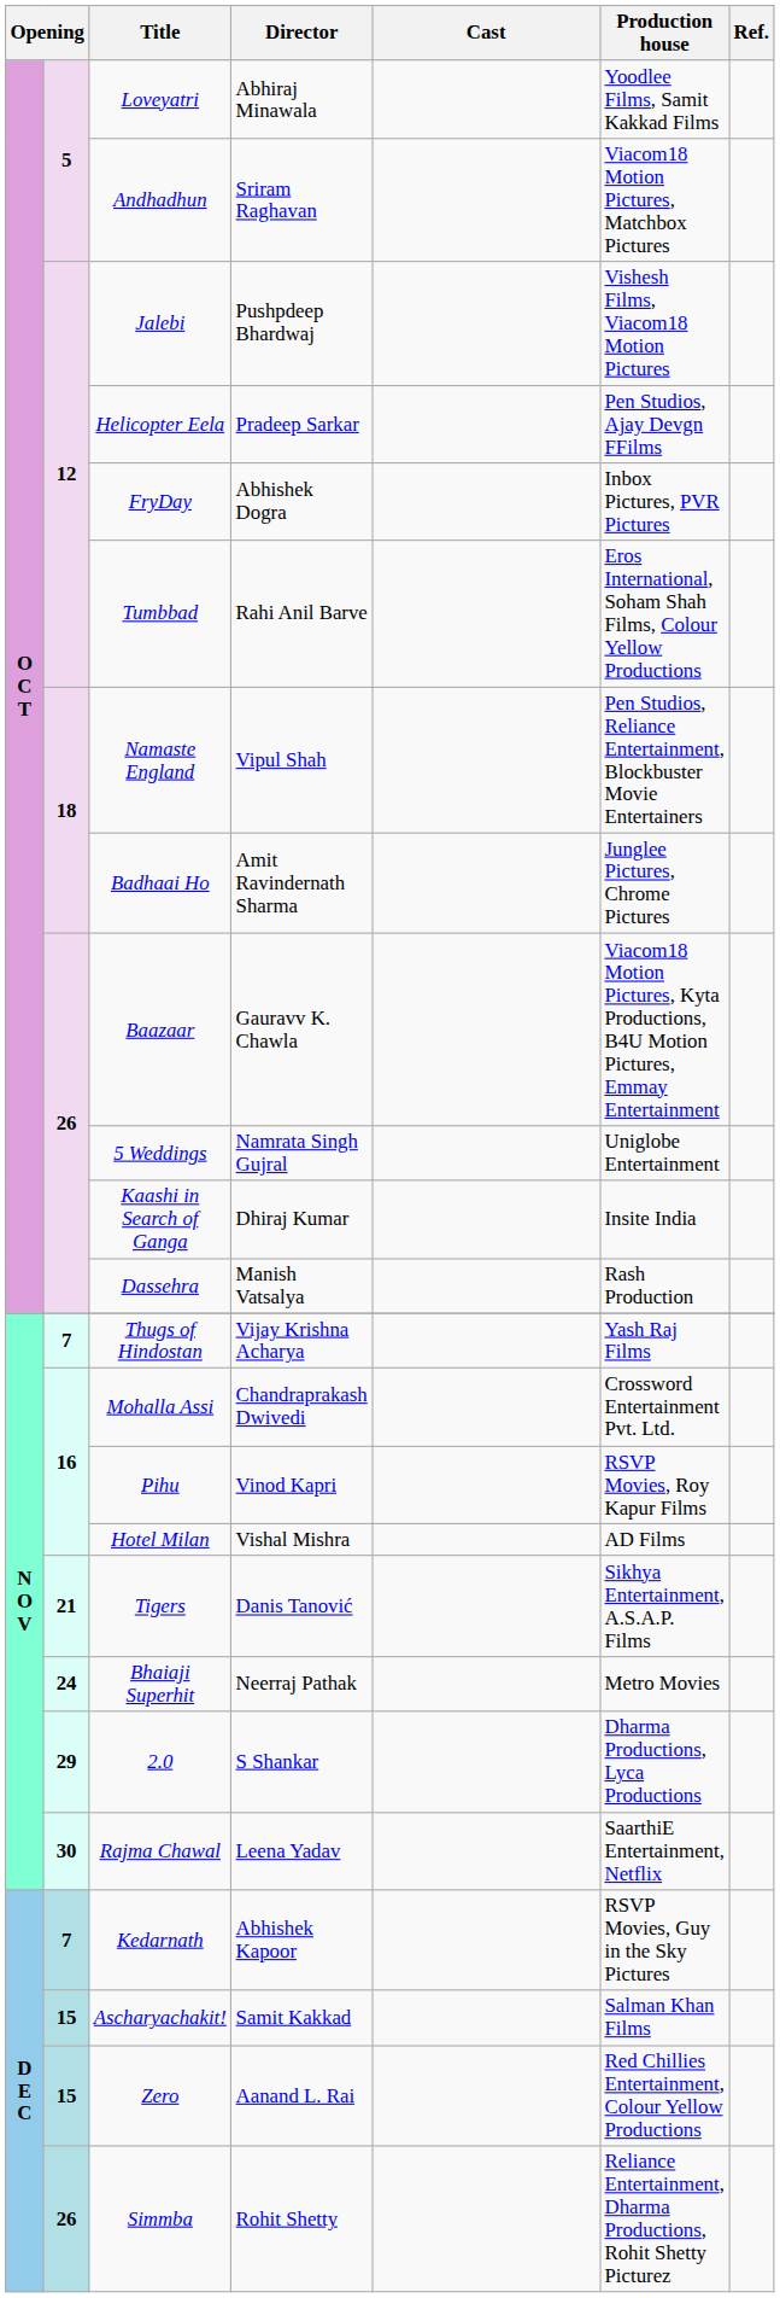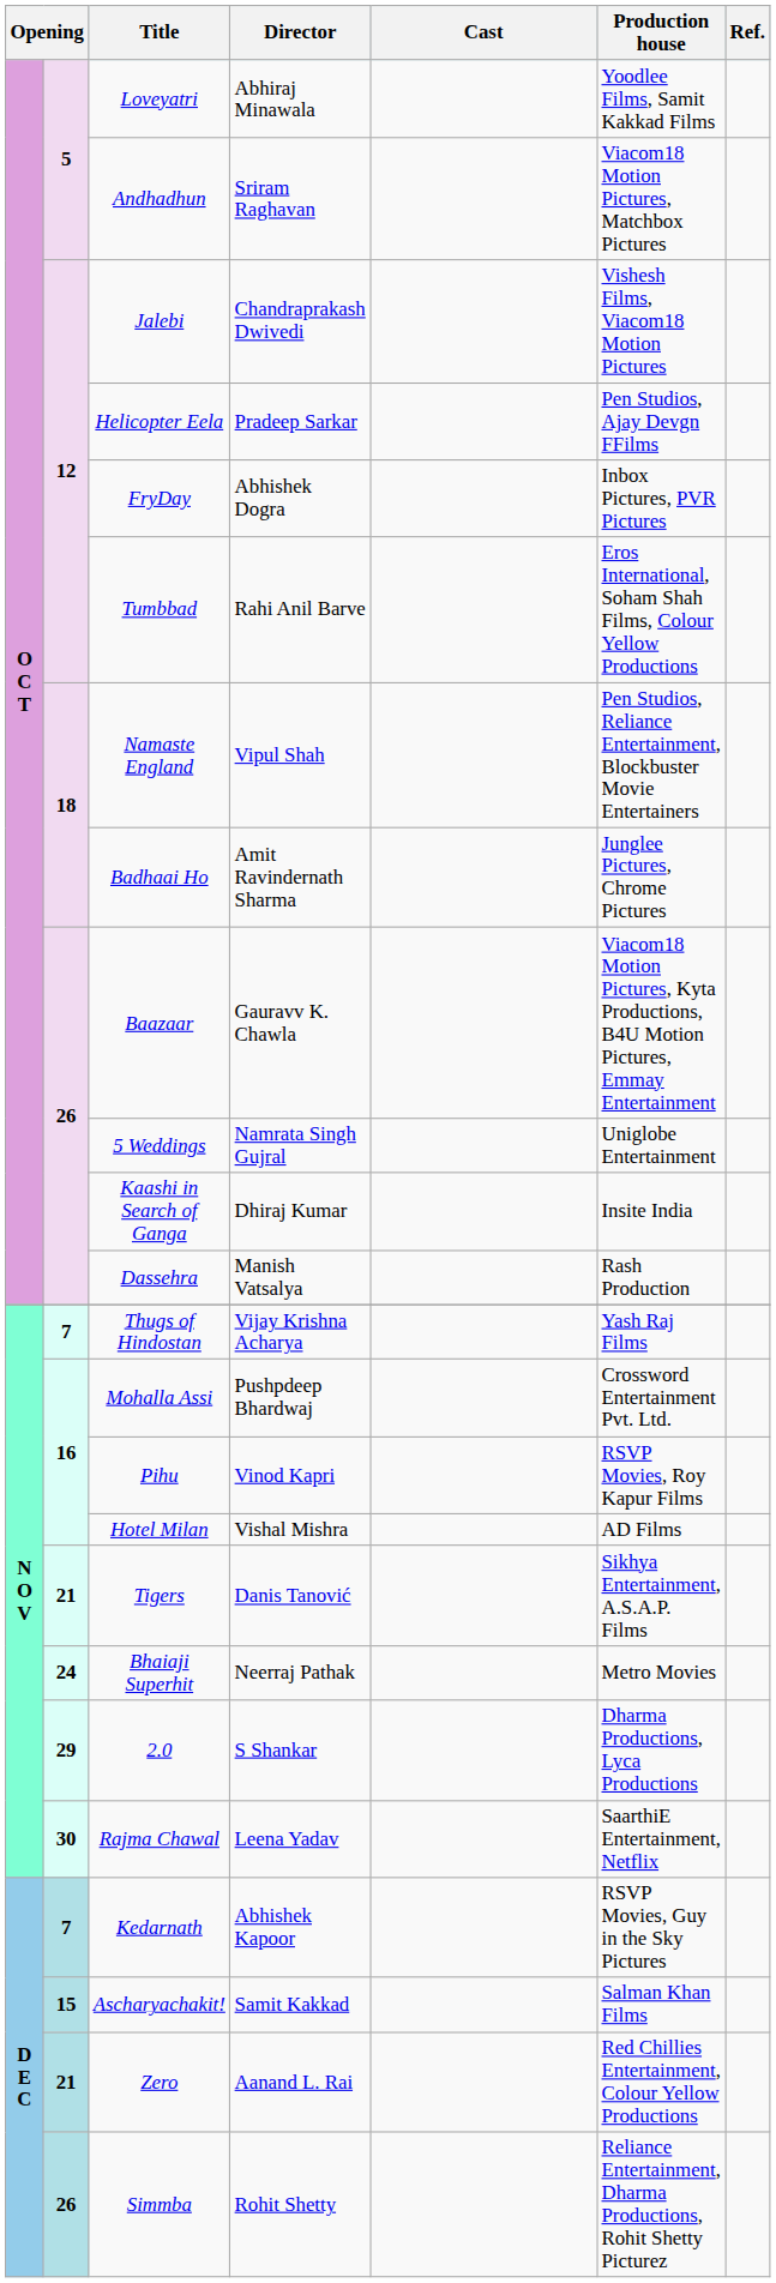 <table class="wikitable">
 <tr style="background:#b0e0e6; text-align:center;">
 <th colspan="2" style="width:6%;"><strong>Opening</strong></th>
 <th style="width:18%;"><strong>Title</strong></th>
 <th style="width:10.5%;"><strong>Director</strong></th>
 <th style="width:30%;"><strong>Cast</strong></th>
 <th>Production house</th>
 <th>Ref.</th>
 </tr>
 <tr>
 <td rowspan="12" style="text-align:center; background:plum; textcolor:#000;" !><strong>O<br>C<br>T</strong></td>
 <td rowspan="2" style="text-align:center; background:#f1daf1;"><strong>5</strong></td>
 <td style="text-align:center;"><em><a href='#'>Loveyatri</a></em></td>
 <td>Abhiraj Minawala</td>
 <td></td>
 <td><a href='#'>Yoodlee Films</a>, Samit Kakkad Films</td>
 <td><br></td>
 </tr>
 <tr>
 <td style="text-align:center;"><em><a href='#'>Andhadhun</a></em></td>
 <td><a href='#'>Sriram Raghavan</a></td>
 <td></td>
 <td><a href='#'>Viacom18 Motion Pictures</a>, Matchbox Pictures</td>
 <td></td>
 </tr>
 <tr>
 <td rowspan="4" style="text-align:center; background:#f1daf1;"><strong>12</strong></td>
 <td style="text-align:center;"><em><a href='#'>Jalebi</a></em></td>
-<td>Pushpdeep Bhardwaj</td>
+<td><a href='#'>Chandraprakash Dwivedi</a></td>
 <td></td>
 <td><a href='#'>Vishesh Films</a>, <a href='#'>Viacom18 Motion Pictures</a></td>
 <td></td>
 </tr>
 <tr>
 <td style="text-align:center;"><em><a href='#'>Helicopter Eela</a></em></td>
 <td><a href='#'>Pradeep Sarkar</a></td>
 <td></td>
 <td><a href='#'>Pen Studios</a>, <a href='#'>Ajay Devgn FFilms</a></td>
 <td></td>
 </tr>
 <tr>
 <td style="text-align:center;"><em><a href='#'>FryDay</a></em></td>
 <td>Abhishek Dogra</td>
 <td></td>
 <td>Inbox Pictures, <a href='#'>PVR Pictures</a></td>
 <td></td>
 </tr>
 <tr>
 <td style="text-align:center;"><em><a href='#'>Tumbbad</a></em></td>
 <td>Rahi Anil Barve</td>
 <td></td>
 <td><a href='#'>Eros International</a>, Soham Shah Films, <a href='#'>Colour Yellow Productions</a></td>
 <td></td>
 </tr>
 <tr>
 <td rowspan="2" style="text-align:center;background:#f1daf1;"><strong>18</strong></td>
 <td style="text-align:center;"><em><a href='#'>Namaste England</a></em></td>
 <td><a href='#'>Vipul Shah</a></td>
 <td></td>
 <td><a href='#'>Pen Studios</a>, <a href='#'>Reliance Entertainment</a>, Blockbuster Movie Entertainers</td>
 <td></td>
 </tr>
 <tr>
 <td style="text-align:center;"><em><a href='#'>Badhaai Ho</a></em></td>
 <td>Amit Ravindernath Sharma</td>
 <td></td>
 <td><a href='#'>Junglee Pictures</a>, Chrome Pictures</td>
 <td></td>
 </tr>
 <tr>
 <td rowspan="4" style="text-align:center; background:#f1daf1;"><strong>26</strong></td>
 <td style="text-align:center;"><em><a href='#'>Baazaar</a></em></td>
 <td>Gauravv K. Chawla</td>
 <td></td>
 <td><a href='#'>Viacom18 Motion Pictures</a>, Kyta Productions, B4U Motion Pictures, <a href='#'>Emmay Entertainment</a></td>
 <td></td>
 </tr>
 <tr>
 <td style="text-align:center;"><em><a href='#'>5 Weddings</a></em></td>
 <td><a href='#'>Namrata Singh Gujral</a></td>
 <td></td>
 <td>Uniglobe Entertainment</td>
 <td></td>
 </tr>
 <tr>
 <td style="text-align:center;"><em><a href='#'>Kaashi in Search of Ganga</a></em></td>
 <td>Dhiraj Kumar</td>
 <td></td>
 <td>Insite India</td>
 <td></td>
 </tr>
 <tr>
 <td style="text-align:center;"><em><a href='#'>Dassehra</a></em></td>
 <td>Manish Vatsalya</td>
 <td></td>
 <td>Rash Production</td>
 <td></td>
 </tr>
 <tr>
 </tr>
 <tr>
 <td rowspan="8" style="text-align:center; background:#7FFFD4; textcolor:#000;" !><strong>N<br>O<br>V</strong></td>
 <td style="text-align:center;background:#dbfff8;"><strong>7</strong></td>
 <td style="text-align:center;"><em><a href='#'>Thugs of Hindostan</a></em></td>
 <td><a href='#'>Vijay Krishna Acharya</a></td>
 <td></td>
 <td><a href='#'>Yash Raj Films</a></td>
 <td></td>
 </tr>
 <tr>
 <td rowspan="3" style="text-align:center; background:#dbfff8;"><strong>16</strong></td>
 <td style="text-align:center;"><em><a href='#'>Mohalla Assi</a></em></td>
-<td><a href='#'>Chandraprakash Dwivedi</a></td>
+<td>Pushpdeep Bhardwaj</td>
 <td></td>
 <td>Crossword Entertainment Pvt. Ltd.</td>
 <td></td>
 </tr>
 <tr>
 <td style="text-align:center;"><em><a href='#'>Pihu</a></em></td>
 <td><a href='#'>Vinod Kapri</a></td>
 <td></td>
 <td><a href='#'>RSVP Movies</a>, Roy Kapur Films</td>
 <td></td>
 </tr>
 <tr>
 <td style="text-align:center;"><em><a href='#'>Hotel Milan</a></em></td>
 <td>Vishal Mishra</td>
 <td></td>
 <td>AD Films</td>
 <td><br></td>
 </tr>
 <tr>
 <td style="text-align:center; background:#dbfff8;"><strong>21</strong></td>
 <td style="text-align:center;"><em><a href='#'>Tigers</a></em></td>
 <td><a href='#'>Danis Tanović</a></td>
 <td></td>
 <td><a href='#'>Sikhya Entertainment</a>, A.S.A.P. Films</td>
 <td></td>
 </tr>
 <tr>
 <td style="text-align:center; background:#dbfff8;"><strong>24</strong></td>
 <td style="text-align:center;"><em><a href='#'>Bhaiaji Superhit</a></em></td>
 <td>Neerraj Pathak</td>
 <td></td>
 <td>Metro Movies</td>
 <td></td>
 </tr>
 <tr>
 <td style="text-align:center; background:#dbfff8;"><strong>29</strong></td>
 <td style="text-align:center;"><em><a href='#'>2.0</a></em></td>
 <td><a href='#'>S Shankar</a></td>
 <td></td>
 <td><a href='#'>Dharma Productions</a>, <a href='#'>Lyca Productions</a></td>
 <td></td>
 </tr>
 <tr>
 <td style="text-align:center; background:#dbfff8;"><strong>30</strong></td>
 <td style="text-align:center;"><em><a href='#'>Rajma Chawal</a></em></td>
 <td><a href='#'>Leena Yadav</a></td>
 <td></td>
 <td>SaarthiE Entertainment, <a href='#'>Netflix</a></td>
 <td></td>
 </tr>
 <tr December>
 <td rowspan="4" style="text-align:center; background:#93CCEA; textcolor:#000;"><strong>D<br>E<br>C</strong></td>
 <td rowspan="1" style="text-align:center;background:#B0E0E6;"><strong>7</strong></td>
 <td style="text-align:center;"><em><a href='#'>Kedarnath</a></em></td>
 <td><a href='#'>Abhishek Kapoor</a></td>
 <td></td>
 <td>RSVP Movies, Guy in the Sky Pictures</td>
 <td></td>
 </tr>
 <tr>
 <td rowspan="1" style="text-align:center;background:#B0E0E6;"><strong>15</strong></td>
 <td style="text-align:center;"><em><a href='#'>Ascharyachakit!</a></em></td>
 <td><a href='#'>Samit Kakkad</a></td>
 <td></td>
 <td><a href='#'>Salman Khan Films</a></td>
 <td></td>
 </tr>
 <tr>
-<td rowspan="1" style="text-align:center;background:#B0E0E6;"><strong>15</strong></td>
+<td rowspan="1" style="text-align:center;background:#B0E0E6;"><strong>21</strong></td>
 <td style="text-align:center;"><em><a href='#'>Zero</a></em></td>
 <td><a href='#'>Aanand L. Rai</a></td>
 <td></td>
 <td><a href='#'>Red Chillies Entertainment</a>, <a href='#'>Colour Yellow Productions</a></td>
 <td></td>
 </tr>
 <tr>
 <td rowspan="1" style="text-align:center;background:#B0E0E6;"><strong>26</strong></td>
 <td style="text-align:center;"><em><a href='#'>Simmba</a></em></td>
 <td><a href='#'>Rohit Shetty</a></td>
 <td></td>
 <td><a href='#'>Reliance Entertainment</a>, <a href='#'>Dharma Productions</a>, Rohit Shetty Picturez</td>
 <td></td>
 </tr>
 </table>
